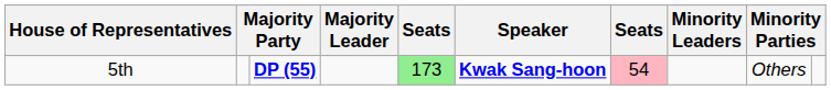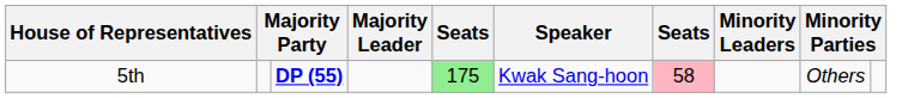 <table class="wikitable" style="font-size:96%; text-align:center;">
 <tr>
 <th>House of Representatives</th>
 <th colspan="2">Majority<br>Party</th>
 <th>Majority<br>Leader</th>
 <th>Seats</th>
 <th>Speaker</th>
 <th>Seats</th>
 <th>Minority<br>Leaders</th>
 <th colspan="2">Minority<br>Parties</th>
 </tr>
 <tr>
 <td rowspan="1">5th<br></td>
 <td rowspan="1" style="background: "> </td>
 <td rowspan="1"><strong><a href='#'>DP (55)</a></strong></td>
 <td rowspan="1"></td>
-<td rowspan="1" style="background:lightgreen;">173</td>
-<td rowspan="1"><strong><a href='#'>Kwak Sang-hoon</a> </strong></td>
-<td style="background:lightpink;">54</td>
+<td rowspan="1" style="background:lightgreen;">175</td>
+<td rowspan="1"><a href='#'>Kwak Sang-hoon</a> </td>
+<td style="background:lightpink;">58</td>
 <td></td>
 <td><em>Others</em></td>
 <td style="background: "> </td>
 </tr>
 </table>
